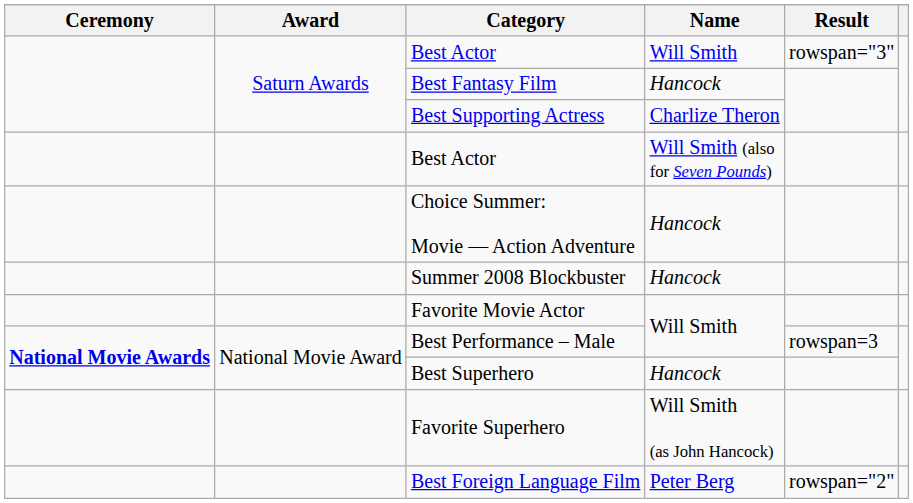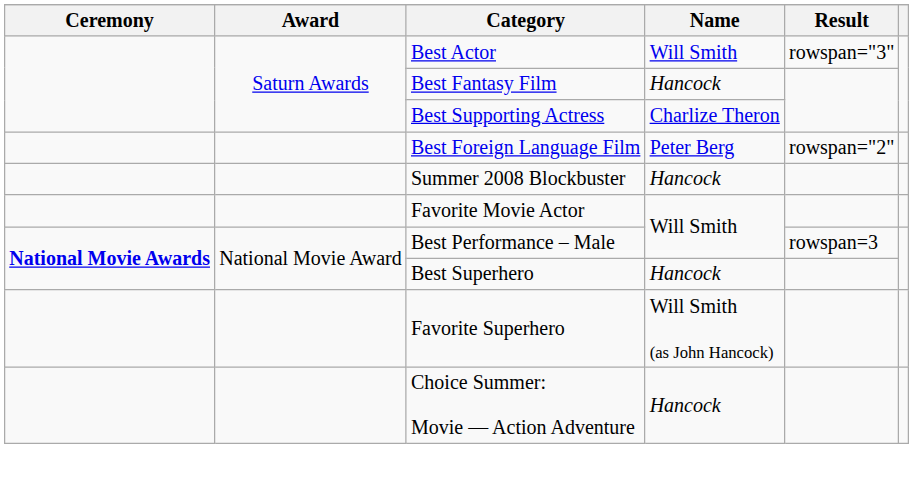 <table class="wikitable sortable plainrowheaders">
 <tr>
 </tr>
 <tr>
 <th scope="col">Ceremony</th>
 <th scope="col">Award</th>
 <th scope="col">Category</th>
 <th scope="col">Name</th>
 <th scope="col">Result</th>
 <th></th>
 </tr>
 <tr>
 <td rowspan=3></td>
 <td rowspan=3 style="text-align:center;"><a href='#'>Saturn Awards</a></td>
 <td><a href='#'>Best Actor</a></td>
 <td><a href='#'>Will Smith</a></td>
 <td>rowspan="3" </td>
 <td rowspan=3 style="text-align:center;"></td>
 </tr>
 <tr>
 <td><a href='#'>Best Fantasy Film</a></td>
 <td><em>Hancock</em></td>
 </tr>
 <tr>
 <td><a href='#'>Best Supporting Actress</a></td>
 <td><a href='#'>Charlize Theron</a></td>
 </tr>
 <tr>
 <td></td>
 <td></td>
-<td>Best Actor</td>
-<td><a href='#'>Will Smith</a> <small>(also <br>for <em><a href='#'>Seven Pounds</a></em>)</small></td>
-<td></td>
-<td style="text-align:center;"></td>
-</tr>
-<tr>
-<td></td>
-<td></td>
-<td>Choice Summer:  <br><br>Movie — Action Adventure</td>
-<td><em>Hancock</em></td>
-<td></td>
+<td><a href='#'>Best Foreign Language Film</a></td>
+<td><a href='#'>Peter Berg</a></td>
+<td>rowspan="2" </td>
 <td style="text-align:center;"></td>
 </tr>
 <tr>
 <td></td>
 <td></td>
 <td>Summer 2008 Blockbuster</td>
 <td><em>Hancock</em></td>
 <td style="text-align:center;"></td>
 </tr>
 <tr>
 <td></td>
 <td></td>
 <td>Favorite Movie Actor</td>
 <td rowspan=2>Will Smith</td>
 <td></td>
 <td style="text-align:center;"></td>
 </tr>
 <tr>
 <td rowspan="2" style="text-align:center;"><strong><a href='#'>National Movie Awards</a></strong></td>
 <td rowspan="2" style="text-align:center;">National Movie Award</td>
 <td>Best Performance – Male</td>
 <td>rowspan=3 </td>
 <td rowspan="2" style="text-align:center;"></td>
 </tr>
 <tr>
 <td>Best Superhero</td>
 <td><em>Hancock</em></td>
 </tr>
 <tr>
 <td></td>
 <td></td>
 <td>Favorite Superhero</td>
 <td>Will Smith  <br><br><small>(as John Hancock)</small></td>
 <td style="text-align:center;"></td>
 </tr>
 <tr>
 <td></td>
 <td></td>
-<td><a href='#'>Best Foreign Language Film</a></td>
-<td><a href='#'>Peter Berg</a></td>
-<td>rowspan="2" </td>
+<td>Choice Summer:  <br><br>Movie — Action Adventure</td>
+<td><em>Hancock</em></td>
+<td></td>
 <td style="text-align:center;"></td>
 </tr>
 </table>
